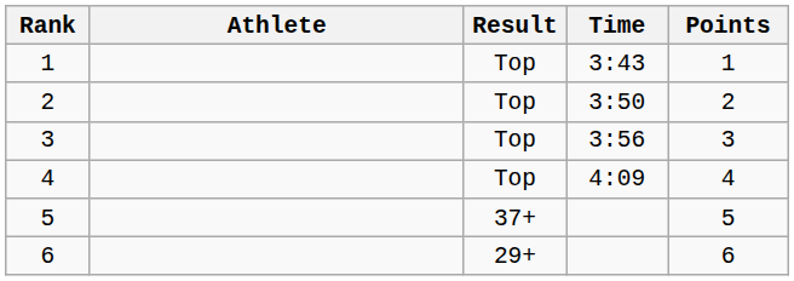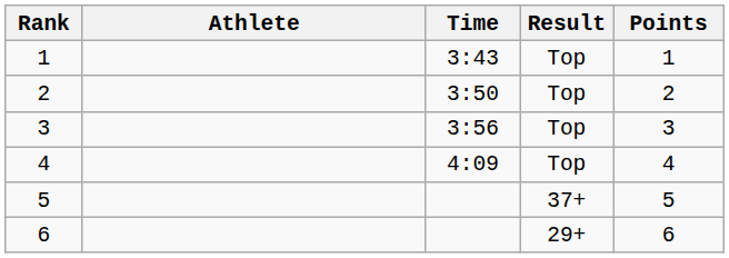 <table class="wikitable" style="text-align:center">
 <tr>
 <th width=40>Rank</th>
 <th width=200>Athlete</th>
+<th width=50>Time</th>
 <th width=50>Result</th>
-<th width=50>Time</th>
 <th width=60>Points</th>
 </tr>
 <tr>
 <td>1</td>
 <td align=left></td>
+<td>3:43</td>
 <td>Top</td>
-<td>3:43</td>
 <td>1</td>
 </tr>
 <tr>
 <td>2</td>
 <td align=left></td>
+<td>3:50</td>
 <td>Top</td>
-<td>3:50</td>
 <td>2</td>
 </tr>
 <tr>
 <td>3</td>
 <td align=left></td>
+<td>3:56</td>
 <td>Top</td>
-<td>3:56</td>
 <td>3</td>
 </tr>
 <tr>
 <td>4</td>
 <td align=left></td>
+<td>4:09</td>
 <td>Top</td>
-<td>4:09</td>
 <td>4</td>
 </tr>
 <tr>
 <td>5</td>
 <td align=left></td>
+<td></td>
 <td>37+</td>
-<td></td>
 <td>5</td>
 </tr>
 <tr>
 <td>6</td>
 <td align=left></td>
+<td></td>
 <td>29+</td>
-<td></td>
 <td>6</td>
 </tr>
 </table>
